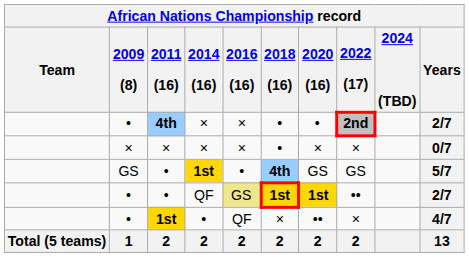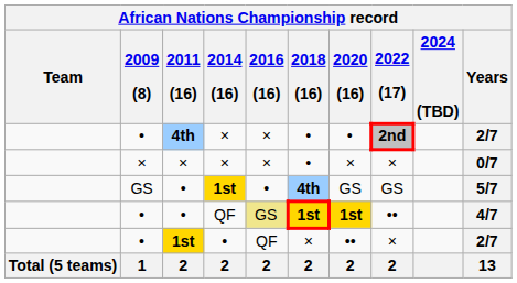 <table class="wikitable" style="text-align:center; font-size:90%">
 <tr>
 <th colspan=11><a href='#'>African Nations Championship</a> record</th>
 </tr>
 <tr>
 <th>Team</th>
 <th><a href='#'>2009</a> <br>  <br> (8)</th>
 <th><a href='#'>2011</a> <br>  <br> (16)</th>
 <th><a href='#'>2014</a> <br>  <br> (16)</th>
 <th><a href='#'>2016</a> <br>  <br> (16)</th>
 <th><a href='#'>2018</a> <br>  <br> (16)</th>
 <th><a href='#'>2020</a> <br>  <br> (16)</th>
 <th><a href='#'>2022</a> <br>  <br> (17)</th>
 <th><a href='#'>2024</a> <br>  <br>  <br>  <br> (TBD)</th>
 <th>Years</th>
 </tr>
 <tr>
 <td align=left></td>
 <td>•</td>
 <td bgcolor=#9acdff><strong>4th</strong></td>
 <td>×</td>
 <td>×</td>
 <td>•</td>
 <td>•</td>
 <td style="border: 3px solid red" bgcolor=silver><strong>2nd</strong></td>
 <td></td>
 <th>2/7</th>
 </tr>
 <tr>
 <td align=left></td>
 <td>×</td>
 <td>×</td>
 <td>×</td>
 <td>×</td>
 <td>•</td>
 <td>×</td>
 <td>×</td>
 <td></td>
 <th>0/7</th>
 </tr>
 <tr>
 <td align=left></td>
 <td>GS</td>
 <td>•</td>
 <td bgcolor=Gold><strong>1st</strong></td>
 <td>•</td>
 <td bgcolor=#9acdff><strong>4th</strong></td>
 <td>GS</td>
 <td>GS</td>
 <td></td>
 <th>5/7</th>
 </tr>
 <tr>
 <td align=left></td>
 <td>•</td>
 <td>•</td>
 <td>QF</td>
 <td style="background: khaki;">GS</td>
 <td style="border: 3px solid red" bgcolor=Gold><strong>1st</strong></td>
 <td bgcolor=Gold><strong>1st</strong></td>
 <td>••</td>
 <td></td>
-<th>2/7</th>
+<th>4/7</th>
 </tr>
 <tr>
 <td align=left></td>
 <td>•</td>
 <td bgcolor=Gold><strong>1st</strong></td>
 <td>•</td>
 <td>QF</td>
 <td>×</td>
 <td>••</td>
 <td>×</td>
 <td></td>
-<th>4/7</th>
+<th>2/7</th>
 </tr>
 <tr>
 <th>Total (5 teams)</th>
 <th>1</th>
 <th>2</th>
 <th>2</th>
 <th>2</th>
 <th>2</th>
 <th>2</th>
 <th>2</th>
 <th></th>
 <th>13</th>
 </tr>
 </table>
